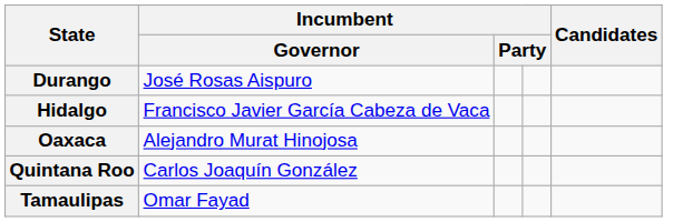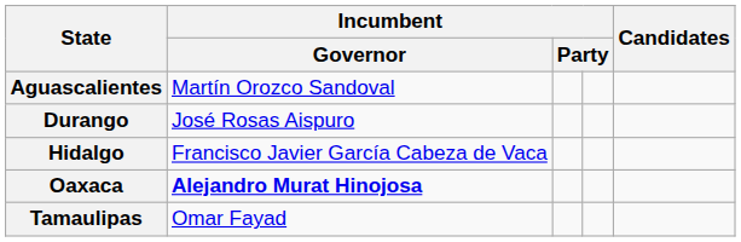 <table class="wikitable sortable">
 <tr>
 <th colspan="1" rowspan="2">State</th>
 <th colspan="3">Incumbent</th>
 <th rowspan="2">Candidates</th>
 </tr>
 <tr valign="bottom">
 <th>Governor</th>
 <th colspan="2">Party</th>
+</tr>
+<tr>
+<th>Aguascalientes</th>
+<td><a href='#'>Martín Orozco Sandoval</a></td>
+<td style="background:"></td>
+<td></td>
+<td nowrap=""></td>
 </tr>
 <tr>
 <th>Durango</th>
 <td><a href='#'>José Rosas Aispuro</a></td>
 <td style="background:"></td>
 <td></td>
 <td nowrap=""></td>
 </tr>
 <tr>
 <th>Hidalgo</th>
 <td><a href='#'>Francisco Javier García Cabeza de Vaca</a></td>
 <td style="background:"></td>
 <td></td>
 <td nowrap=""></td>
 </tr>
 <tr>
 <th>Oaxaca</th>
-<td><a href='#'>Alejandro Murat Hinojosa</a></td>
-<td style="background:"></td>
-<td></td>
-<td nowrap=""></td>
-</tr>
-<tr>
-<th>Quintana Roo</th>
-<td><a href='#'>Carlos Joaquín González</a></td>
+<td><strong><a href='#'>Alejandro Murat Hinojosa</a></strong></td>
 <td style="background:"></td>
 <td></td>
 <td nowrap=""></td>
 </tr>
 <tr>
 <th>Tamaulipas</th>
 <td><a href='#'>Omar Fayad</a></td>
 <td style="background:"></td>
 <td></td>
 <td nowrap=""></td>
 </tr>
 </table>
